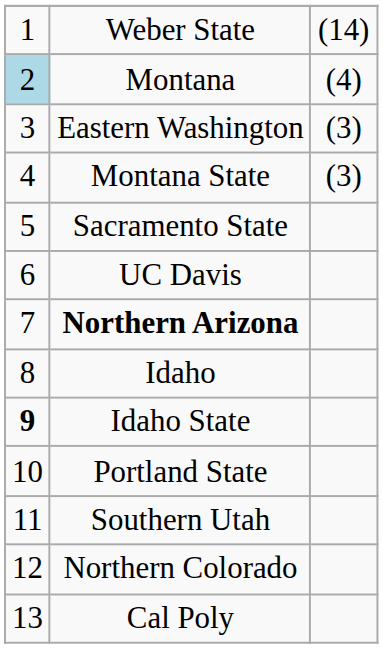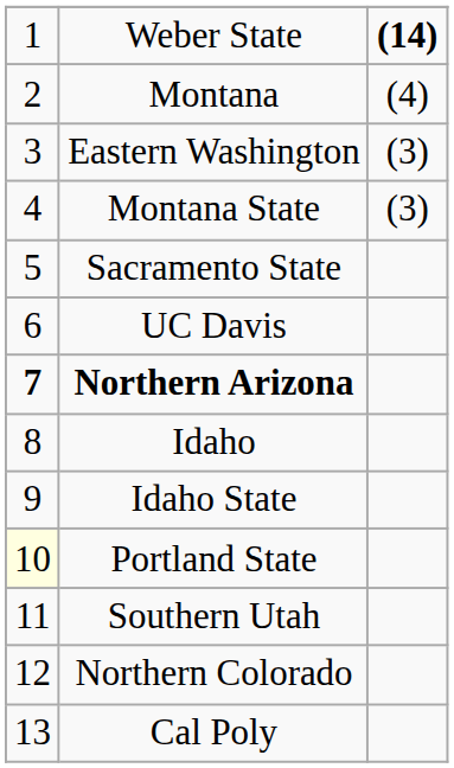 <table class="wikitable" style="display: inline-table;">
 <tr align="center">
 </tr>
 <tr align="center">
 <td>1</td>
 <td>Weber State</td>
-<td>(14)</td>
+<td><strong>(14)</strong></td>
 </tr>
 <tr align="center">
-<td style="background: lightblue;">2</td>
+<td>2</td>
 <td>Montana</td>
 <td>(4)</td>
 </tr>
 <tr align="center">
 <td>3</td>
 <td>Eastern Washington</td>
 <td>(3)</td>
 </tr>
 <tr align="center">
 <td>4</td>
 <td>Montana State</td>
 <td>(3)</td>
 </tr>
 <tr align="center">
 <td>5</td>
 <td>Sacramento State</td>
 <td></td>
 </tr>
 <tr align="center">
 <td>6</td>
 <td>UC Davis</td>
 <td></td>
 </tr>
 <tr align="center">
-<td>7</td>
+<td><strong>7</strong></td>
 <td><strong>Northern Arizona</strong></td>
 <td></td>
 </tr>
 <tr align="center">
 <td>8</td>
 <td>Idaho</td>
 <td></td>
 </tr>
 <tr align="center">
-<td><strong>9</strong></td>
+<td>9</td>
 <td>Idaho State</td>
 <td></td>
 </tr>
 <tr align="center">
-<td>10</td>
+<td style="background: lightyellow;">10</td>
 <td>Portland State</td>
 <td></td>
 </tr>
 <tr align="center">
 <td>11</td>
 <td>Southern Utah</td>
 <td></td>
 </tr>
 <tr align="center">
 <td>12</td>
 <td>Northern Colorado</td>
 <td></td>
 </tr>
 <tr align="center">
 <td>13</td>
 <td>Cal Poly</td>
 <td></td>
 </tr>
 </table>
